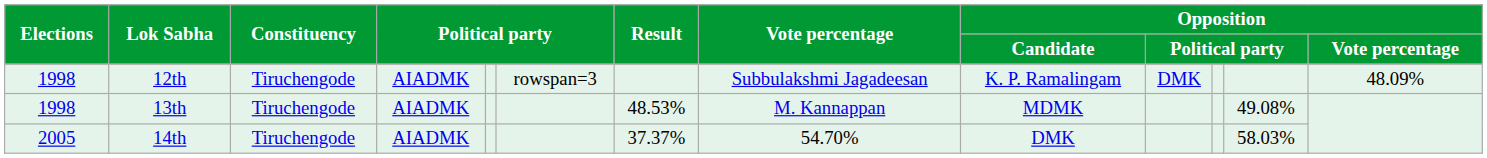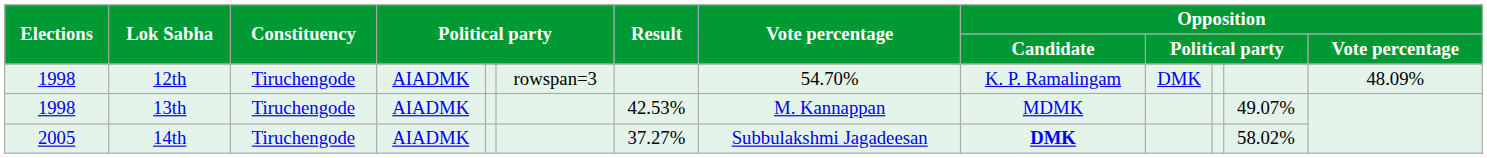 <table class="wikitable sortable" style="width:100%;background:#E5F4EA;text-align:center">
 <tr>
 <th style="background-color:#009933;color:white"rowspan=2>Elections</th>
 <th style="background-color:#009933;color:white"rowspan=2>Lok Sabha</th>
 <th style="background-color:#009933;color:white"rowspan=2>Constituency</th>
 <th style="background-color:#009933;color:white"colspan=3 rowspan=2>Political party</th>
 <th style="background-color:#009933;color:white"rowspan=2>Result</th>
 <th style="background-color:#009933;color:white"rowspan=2>Vote percentage</th>
 <th style="background-color:#009933;color:white"colspan=5>Opposition</th>
 </tr>
 <tr>
 <th style="background-color:#009933;color:white">Candidate</th>
 <th style="background-color:#009933;color:white"colspan=3>Political party</th>
 <th style="background-color:#009933;color:white">Vote percentage</th>
 </tr>
 <tr>
 <td><a href='#'>1998</a></td>
 <td><a href='#'>12th</a></td>
 <td><a href='#'>Tiruchengode</a></td>
 <td><a href='#'>AIADMK</a></td>
 <td></td>
 <td>rowspan=3 </td>
 <td></td>
-<td><a href='#'>Subbulakshmi Jagadeesan</a></td>
+<td>54.70%</td>
 <td><a href='#'>K. P. Ramalingam</a></td>
 <td><a href='#'>DMK</a></td>
 <td></td>
 <td></td>
 <td>48.09%</td>
 </tr>
 <tr>
 <td><a href='#'>1998</a></td>
 <td><a href='#'>13th</a></td>
 <td><a href='#'>Tiruchengode</a></td>
 <td><a href='#'>AIADMK</a></td>
 <td></td>
 <td></td>
-<td>48.53%</td>
+<td>42.53%</td>
 <td><a href='#'>M. Kannappan</a></td>
 <td><a href='#'>MDMK</a></td>
 <td></td>
 <td></td>
-<td>49.08%</td>
+<td>49.07%</td>
 </tr>
 <tr>
 <td><a href='#'>2005</a></td>
 <td><a href='#'>14th</a></td>
 <td><a href='#'>Tiruchengode</a></td>
 <td><a href='#'>AIADMK</a></td>
 <td></td>
 <td></td>
-<td>37.37%</td>
-<td>54.70%</td>
-<td><a href='#'>DMK</a></td>
+<td>37.27%</td>
+<td><a href='#'>Subbulakshmi Jagadeesan</a></td>
+<td><strong><a href='#'>DMK</a></strong></td>
 <td></td>
 <td></td>
-<td>58.03%</td>
+<td>58.02%</td>
 </tr>
 </table>
